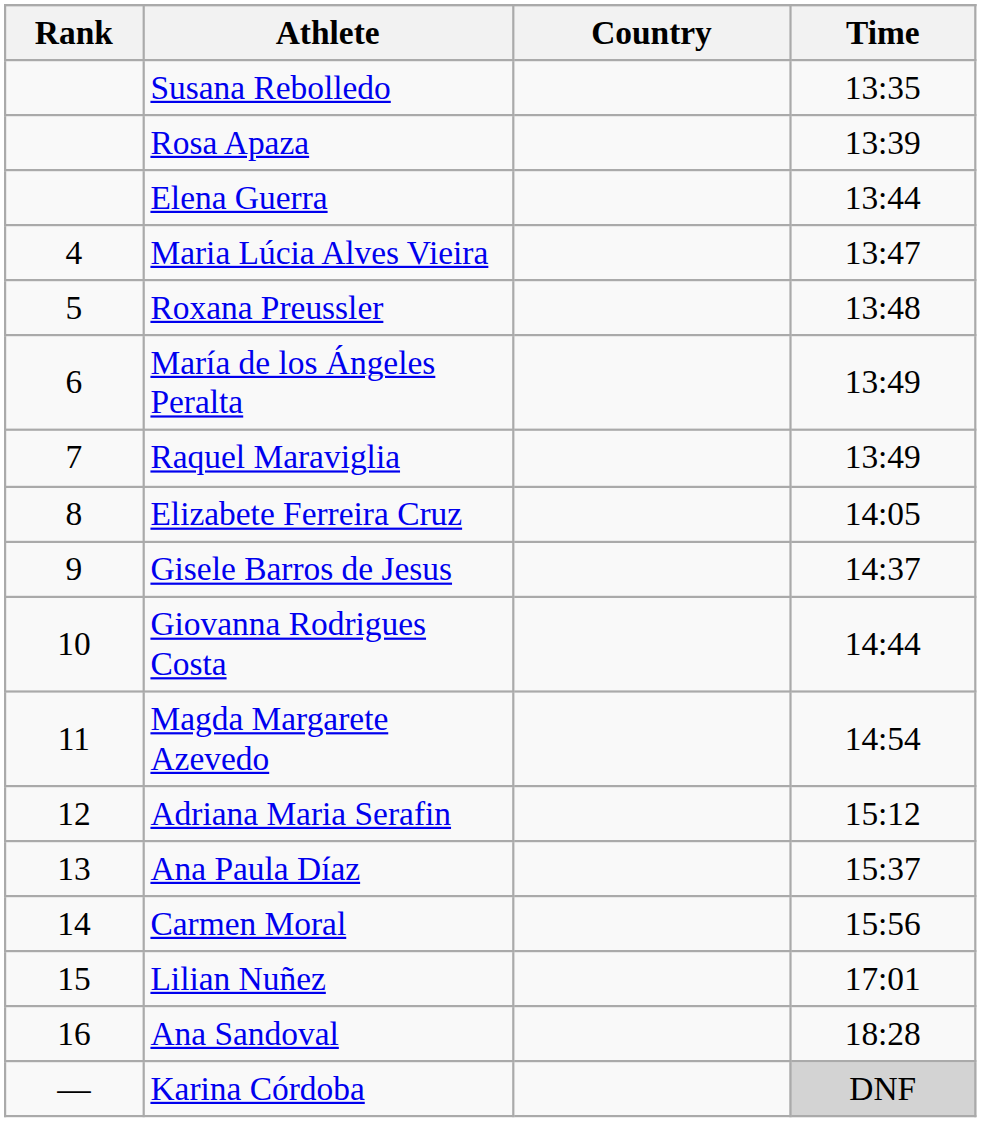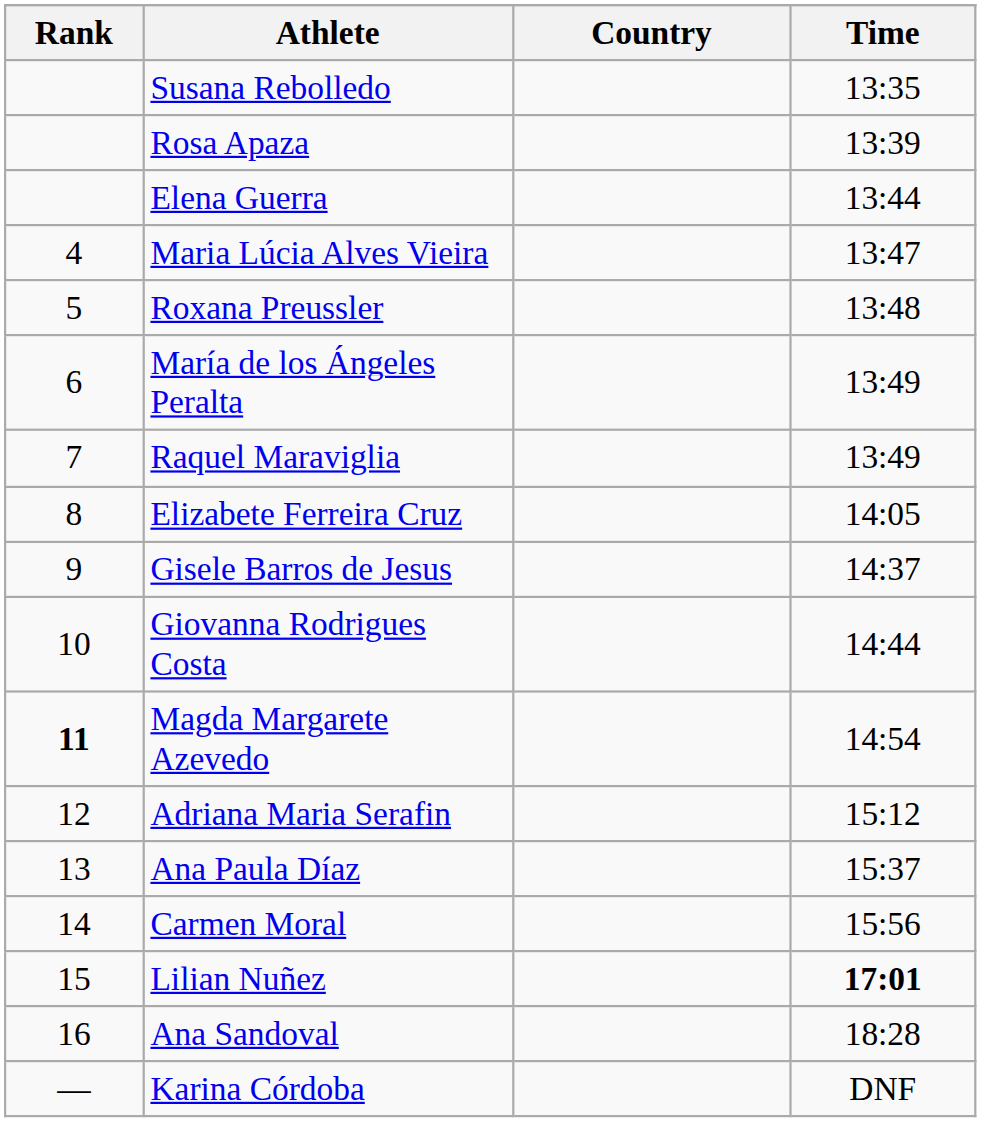 <table class="wikitable sortable" style=" text-align:center; font-size:95%;" width="50%">
 <tr>
 </tr>
 <tr>
 <th width=5%>Rank</th>
 <th width=20%>Athlete</th>
 <th width=15%>Country</th>
 <th width=10%>Time</th>
 </tr>
 <tr>
 <td align=center></td>
 <td align=left><a href='#'>Susana Rebolledo</a></td>
 <td align=left></td>
 <td>13:35</td>
 </tr>
 <tr>
 <td align=center></td>
 <td align=left><a href='#'>Rosa Apaza</a></td>
 <td align=left></td>
 <td>13:39</td>
 </tr>
 <tr>
 <td align=center></td>
 <td align=left><a href='#'>Elena Guerra</a></td>
 <td align=left></td>
 <td>13:44</td>
 </tr>
 <tr>
 <td align=center>4</td>
 <td align=left><a href='#'>Maria Lúcia Alves Vieira</a></td>
 <td align=left></td>
 <td>13:47</td>
 </tr>
 <tr>
 <td align=center>5</td>
 <td align=left><a href='#'>Roxana Preussler</a></td>
 <td align=left></td>
 <td>13:48</td>
 </tr>
 <tr>
 <td align=center>6</td>
 <td align=left><a href='#'>María de los Ángeles Peralta</a></td>
 <td align=left></td>
 <td>13:49</td>
 </tr>
 <tr>
 <td align=center>7</td>
 <td align=left><a href='#'>Raquel Maraviglia</a></td>
 <td align=left></td>
 <td>13:49</td>
 </tr>
 <tr>
 <td align=center>8</td>
 <td align=left><a href='#'>Elizabete Ferreira Cruz</a></td>
 <td align=left></td>
 <td>14:05</td>
 </tr>
 <tr>
 <td align=center>9</td>
 <td align=left><a href='#'>Gisele Barros de Jesus</a></td>
 <td align=left></td>
 <td>14:37</td>
 </tr>
 <tr>
 <td align=center>10</td>
 <td align=left><a href='#'>Giovanna Rodrigues Costa</a></td>
 <td align=left></td>
 <td>14:44</td>
 </tr>
 <tr>
-<td align=center>11</td>
+<td align=center><strong>11</strong></td>
 <td align=left><a href='#'>Magda Margarete Azevedo</a></td>
 <td align=left></td>
 <td>14:54</td>
 </tr>
 <tr>
 <td align=center>12</td>
 <td align=left><a href='#'>Adriana Maria Serafin</a></td>
 <td align=left></td>
 <td>15:12</td>
 </tr>
 <tr>
 <td align=center>13</td>
 <td align=left><a href='#'>Ana Paula Díaz</a></td>
 <td align=left></td>
 <td>15:37</td>
 </tr>
 <tr>
 <td align=center>14</td>
 <td align=left><a href='#'>Carmen Moral</a></td>
 <td align=left></td>
 <td>15:56</td>
 </tr>
 <tr>
 <td align=center>15</td>
 <td align=left><a href='#'>Lilian Nuñez</a></td>
 <td align=left></td>
-<td>17:01</td>
+<td><strong>17:01</strong></td>
 </tr>
 <tr>
 <td align=center>16</td>
 <td align=left><a href='#'>Ana Sandoval</a></td>
 <td align=left></td>
 <td>18:28</td>
 </tr>
 <tr>
 <td align=center>—</td>
 <td align=left><a href='#'>Karina Córdoba</a></td>
 <td align=left></td>
-<td style="background: lightgrey;">DNF</td>
+<td>DNF</td>
 </tr>
 </table>
